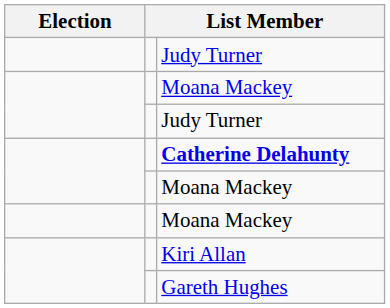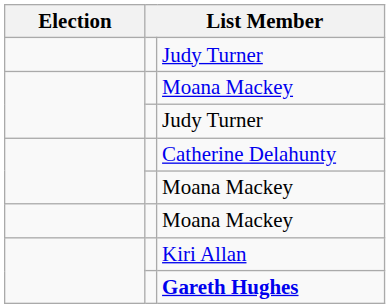 <table class=wikitable>
 <tr>
 <th width=100>Election</th>
 <th width=175 colspan=2>List Member</th>
 </tr>
 <tr>
 <td></td>
 <td></td>
 <td><a href='#'>Judy Turner</a></td>
 </tr>
 <tr>
 <td rowspan=2></td>
 <td></td>
 <td><a href='#'>Moana Mackey</a></td>
 </tr>
 <tr>
 <td></td>
 <td>Judy Turner</td>
 </tr>
 <tr>
 <td rowspan=2></td>
 <td></td>
-<td><strong><a href='#'>Catherine Delahunty</a></strong></td>
+<td><a href='#'>Catherine Delahunty</a></td>
 </tr>
 <tr>
 <td></td>
 <td>Moana Mackey</td>
 </tr>
 <tr>
 <td></td>
 <td></td>
 <td>Moana Mackey</td>
 </tr>
 <tr>
 <td rowspan=2></td>
 <td></td>
 <td><a href='#'>Kiri Allan</a></td>
 </tr>
 <tr>
 <td></td>
-<td><a href='#'>Gareth Hughes</a></td>
+<td><strong><a href='#'>Gareth Hughes</a></strong></td>
 </tr>
 </table>
